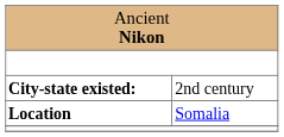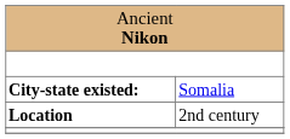 <table class="toccolours" border="1" cellpadding="2" cellspacing="2" style="float: right; margin: 0 0 1em 1em; width: 250px; border-collapse: collapse; font-size: 95%;">
 <tr>
 <td colspan="2" style="margin-left: inherit; background:#DEB887; text-align:center; font-size: medium;">Ancient<br><strong>Nikon</strong></td>
 </tr>
 <tr style="vertical-align: top;">
 <td colspan="2"><div><br></div></td>
 </tr>
 <tr style="vertical-align: top;">
 <td><strong>City-state existed:</strong></td>
-<td>2nd century</td>
+<td><a href='#'>Somalia</a></td>
 </tr>
 <tr style="vertical-align: top;">
 <td><strong>Location</strong></td>
-<td><a href='#'>Somalia</a></td>
+<td>2nd century</td>
 </tr>
 <tr style="vertical-align: top;">
 </tr>
 <tr align="center">
 <td colspan="2"><div></div></td>
 </tr>
 <tr style="vertical-align: top;">
 </tr>
 </table>
